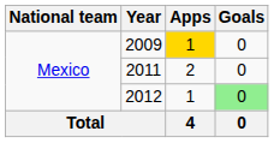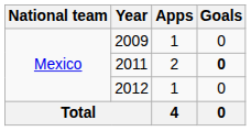 <table class="wikitable" style="text-align: center;">
 <tr>
 <th>National team</th>
 <th>Year</th>
 <th>Apps</th>
 <th>Goals</th>
 </tr>
 <tr>
 <td rowspan="3" valign="center"><a href='#'>Mexico</a></td>
 <td>2009</td>
-<td style="background: gold;">1</td>
+<td>1</td>
 <td>0</td>
 </tr>
 <tr>
 <td>2011</td>
 <td>2</td>
-<td>0</td>
+<td><strong>0</strong></td>
 </tr>
 <tr>
 <td>2012</td>
 <td>1</td>
-<td style="background: lightgreen;">0</td>
+<td>0</td>
 </tr>
 <tr>
 <th colspan="2">Total</th>
 <th>4</th>
 <th>0</th>
 </tr>
 </table>
